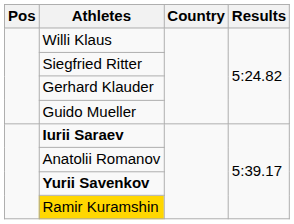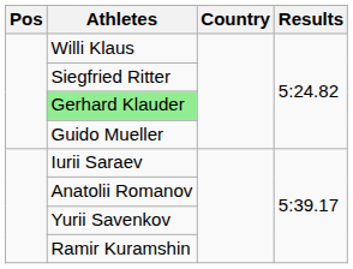 <table class="wikitable">
 <tr>
 <th>Pos</th>
 <th>Athletes</th>
 <th>Country</th>
 <th>Results</th>
 </tr>
 <tr>
 <td rowspan="4"></td>
 <td>Willi Klaus</td>
 <td rowspan="4"></td>
 <td rowspan="4">5:24.82</td>
 </tr>
 <tr>
 <td>Siegfried Ritter</td>
 </tr>
 <tr>
-<td>Gerhard Klauder</td>
+<td style="background: lightgreen;">Gerhard Klauder</td>
 </tr>
 <tr>
 <td>Guido Mueller</td>
 </tr>
 <tr>
 <td rowspan="4"></td>
-<td><strong>Iurii Saraev</strong></td>
+<td>Iurii Saraev</td>
 <td rowspan="4"></td>
 <td rowspan="4">5:39.17</td>
 </tr>
 <tr>
 <td>Anatolii Romanov</td>
 </tr>
 <tr>
-<td><strong>Yurii Savenkov</strong></td>
+<td>Yurii Savenkov</td>
 </tr>
 <tr>
-<td style="background: gold;">Ramir Kuramshin</td>
+<td>Ramir Kuramshin</td>
 </tr>
 </table>
